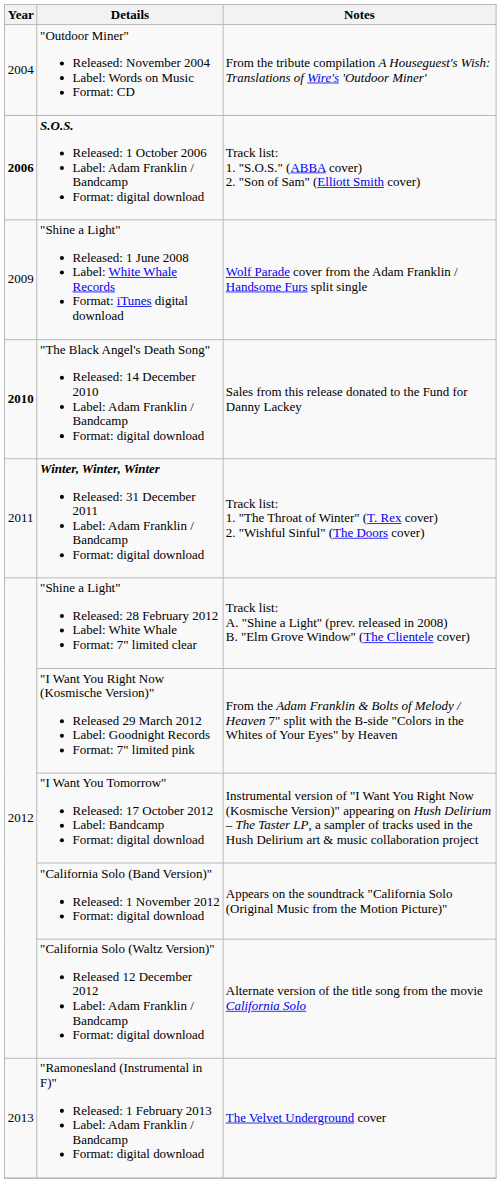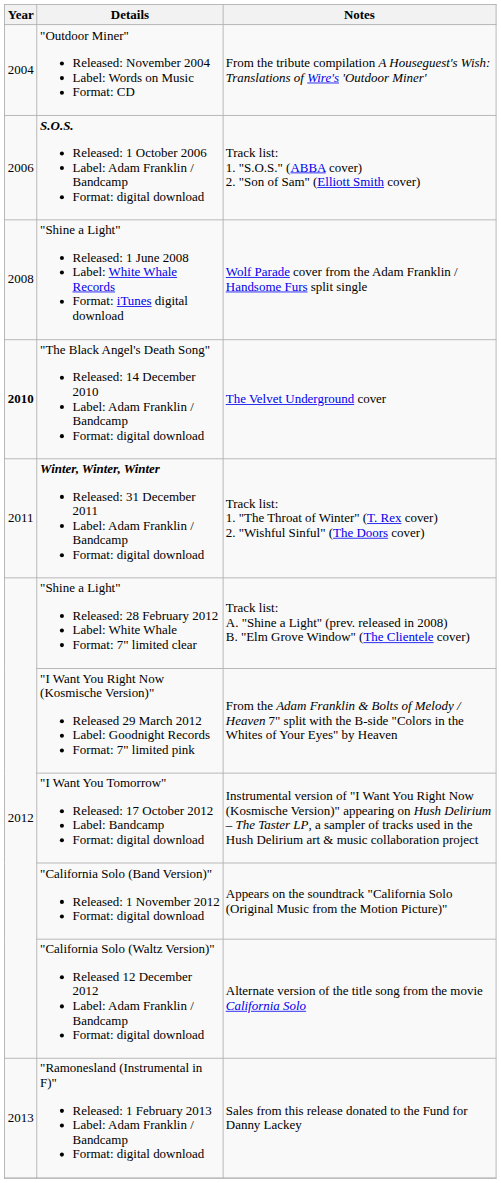 <table class="wikitable">
 <tr>
 <th width="33">Year</th>
 <th>Details</th>
 <th width="330">Notes</th>
 </tr>
 <tr>
 <td align="center">2004</td>
 <td>"Outdoor Miner"<br><ul><li>Released: November 2004</li><li>Label: Words on Music</li><li>Format: CD</li></ul></td>
 <td>From the tribute compilation <em>A Houseguest's Wish: Translations of <a href='#'>Wire's</a> 'Outdoor Miner' </em></td>
 </tr>
 <tr>
-<td align="center"><strong>2006</strong></td>
+<td align="center">2006</td>
 <td><strong><em>S.O.S.</em></strong><br><ul><li>Released: 1 October 2006</li><li>Label: Adam Franklin / Bandcamp</li><li>Format: digital download</li></ul></td>
 <td>Track list:<br>1. "S.O.S." (<a href='#'>ABBA</a> cover)<br>2. "Son of Sam" (<a href='#'>Elliott Smith</a> cover)</td>
 </tr>
 <tr>
-<td align="center">2009</td>
+<td align="center">2008</td>
 <td>"Shine a Light"<br><ul><li>Released: 1 June 2008</li><li>Label: <a href='#'>White Whale Records</a></li><li>Format: <a href='#'>iTunes</a> digital download</li></ul></td>
 <td><a href='#'>Wolf Parade</a> cover from the Adam Franklin / <a href='#'>Handsome Furs</a> split single</td>
 </tr>
 <tr>
 <td align="center"><strong>2010</strong></td>
 <td>"The Black Angel's Death Song"<br><ul><li>Released: 14 December 2010</li><li>Label: Adam Franklin / Bandcamp</li><li>Format: digital download</li></ul></td>
-<td>Sales from this release donated to the Fund for Danny Lackey</td>
+<td><a href='#'>The Velvet Underground</a> cover</td>
 </tr>
 <tr>
 <td align="center">2011</td>
 <td><strong><em>Winter, Winter, Winter</em></strong><br><ul><li>Released: 31 December 2011</li><li>Label: Adam Franklin / Bandcamp</li><li>Format: digital download</li></ul></td>
 <td>Track list:<br>1. "The Throat of Winter" (<a href='#'>T. Rex</a> cover)<br>2. "Wishful Sinful" (<a href='#'>The Doors</a> cover)</td>
 </tr>
 <tr>
 <td align="center" rowspan="5">2012</td>
 <td>"Shine a Light"<br><ul><li>Released: 28 February 2012</li><li>Label: White Whale</li><li>Format: 7" limited clear</li></ul></td>
 <td>Track list:<br>A. "Shine a Light" (prev. released in 2008)<br>B. "Elm Grove Window" (<a href='#'>The Clientele</a> cover)</td>
 </tr>
 <tr>
 <td>"I Want You Right Now (Kosmische Version)"<br><ul><li>Released 29 March 2012</li><li>Label: Goodnight Records</li><li>Format: 7" limited pink</li></ul></td>
 <td>From the <em>Adam Franklin & Bolts of Melody / Heaven</em> 7" split with the B-side "Colors in the Whites of Your Eyes" by Heaven</td>
 </tr>
 <tr>
 <td>"I Want You Tomorrow"<br><ul><li>Released: 17 October 2012</li><li>Label: Bandcamp</li><li>Format: digital download</li></ul></td>
 <td>Instrumental version of "I Want You Right Now (Kosmische Version)" appearing on <em>Hush Delirium – The Taster LP</em>, a sampler of tracks used in the Hush Delirium art & music collaboration project</td>
 </tr>
 <tr>
 <td>"California Solo (Band Version)"<br><ul><li>Released: 1 November 2012</li><li>Format: digital download</li></ul></td>
 <td>Appears on the soundtrack "California Solo (Original Music from the Motion Picture)"</td>
 </tr>
 <tr>
 <td>"California Solo (Waltz Version)"<br><ul><li>Released 12 December 2012</li><li>Label: Adam Franklin / Bandcamp</li><li>Format: digital download</li></ul></td>
 <td>Alternate version of the title song from the movie <em><a href='#'>California Solo</a></em></td>
 </tr>
 <tr>
 <td align="center">2013</td>
 <td>"Ramonesland (Instrumental in F)"<br><ul><li>Released: 1 February 2013</li><li>Label: Adam Franklin / Bandcamp</li><li>Format: digital download</li></ul></td>
-<td><a href='#'>The Velvet Underground</a> cover</td>
+<td>Sales from this release donated to the Fund for Danny Lackey</td>
 </tr>
 <tr>
 </tr>
 </table>
